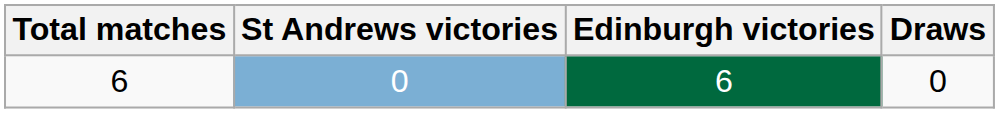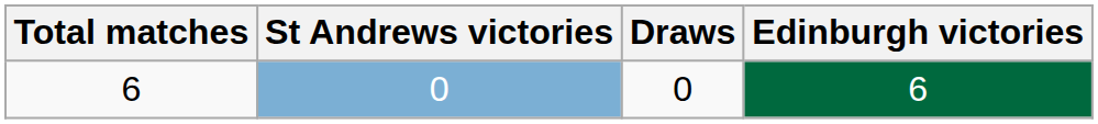 <table class="wikitable">
 <tr>
 <th>Total matches</th>
 <th>St Andrews victories</th>
+<th>Draws</th>
 <th>Edinburgh victories</th>
-<th>Draws</th>
 </tr>
 <tr style="text-align:center;">
 <td style="color:#000;">6</td>
 <td style="background:#7BAFD4; color:white;">0</td>
+<td style="color:#000;">0</td>
 <td style="background:#00693E; color:white">6</td>
-<td style="color:#000;">0</td>
 </tr>
 </table>
